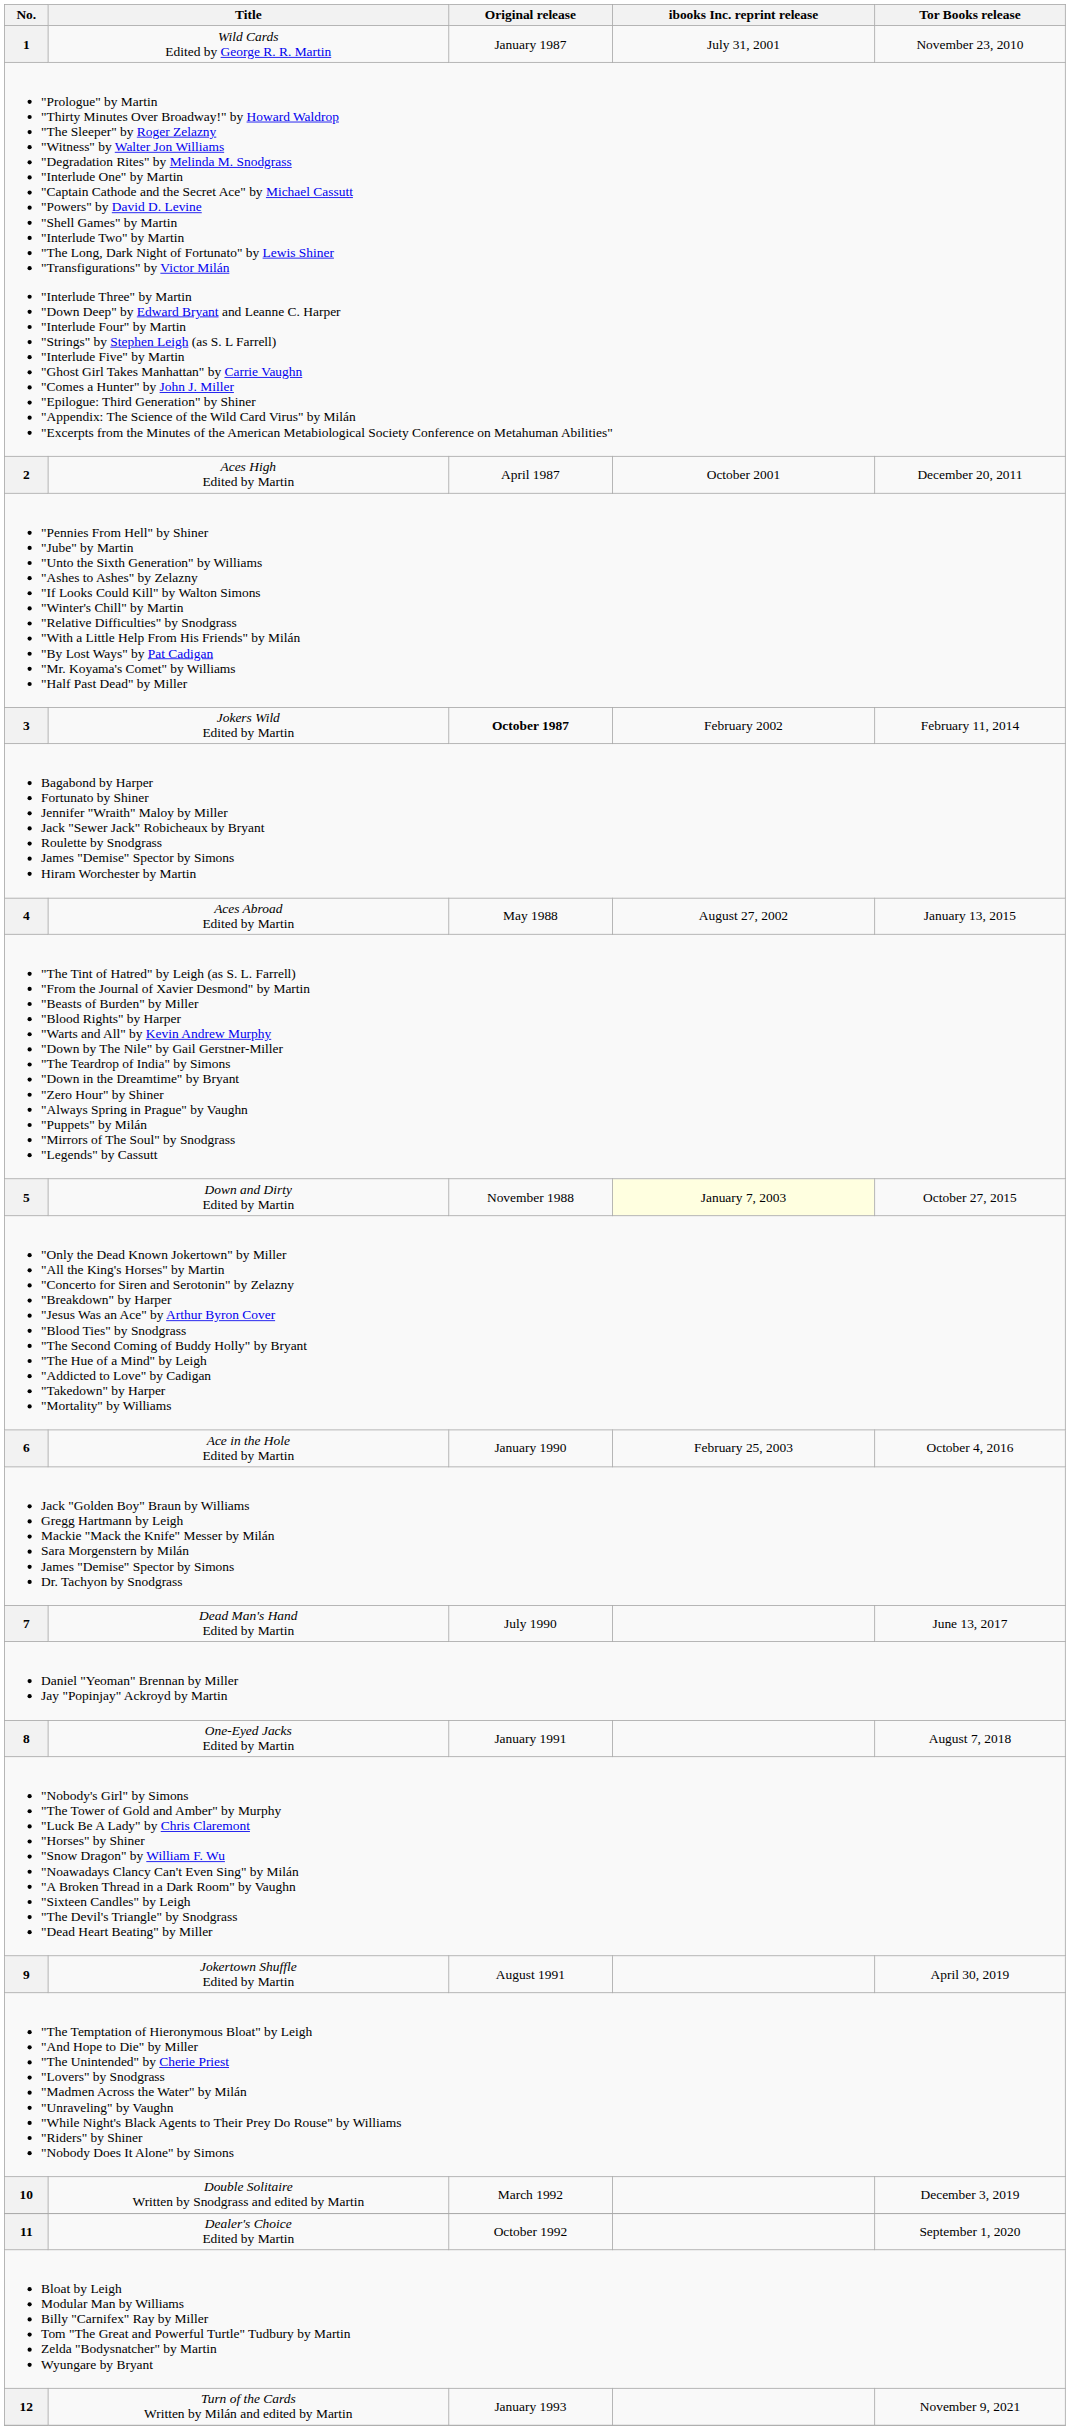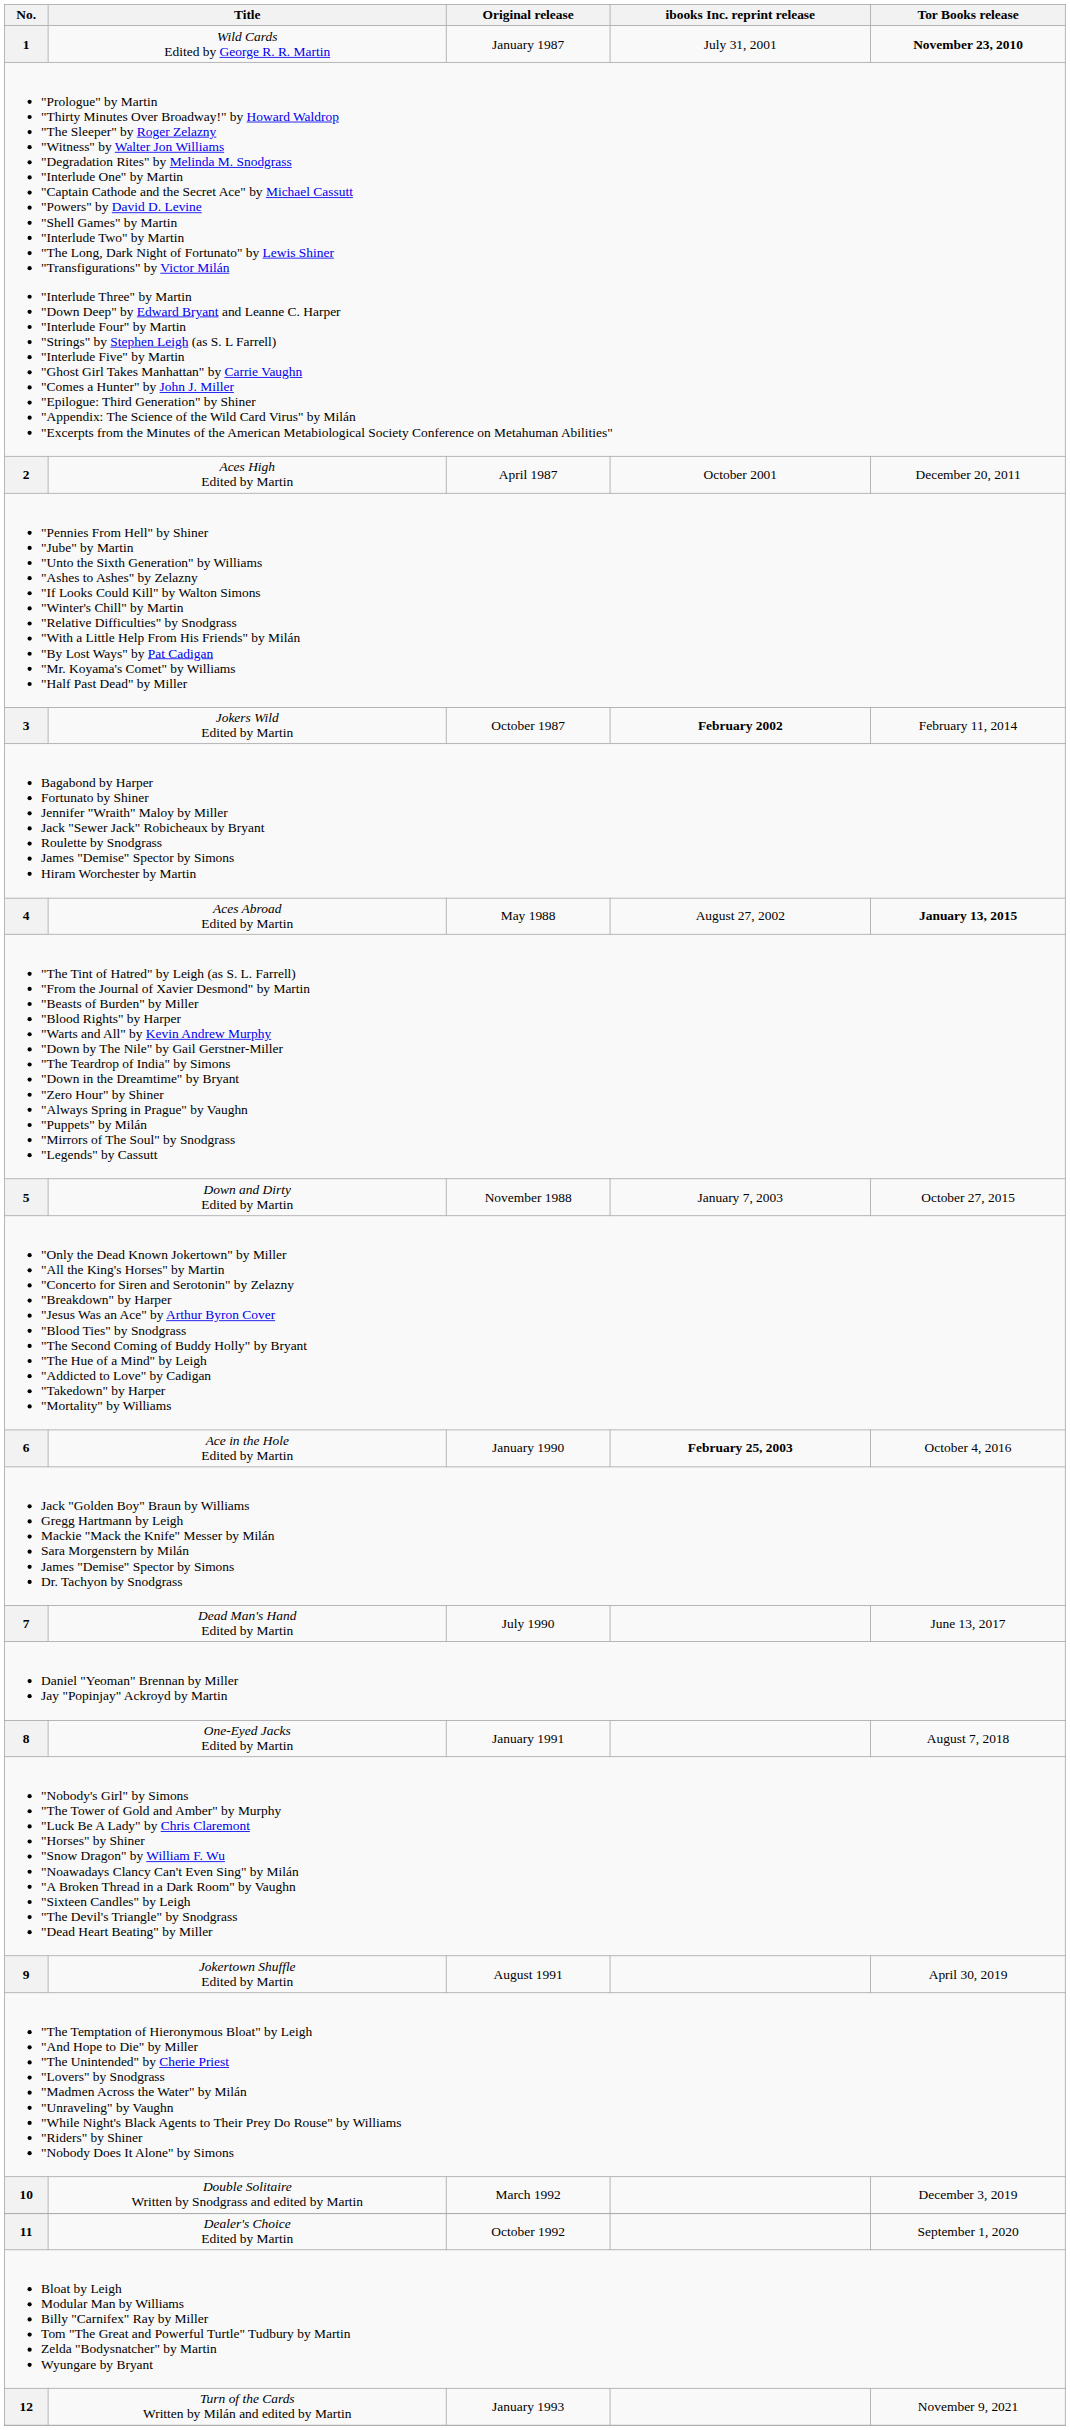 <table class="wikitable" style="text-align:center; width:100%;">
 <tr>
 <th>No.</th>
 <th>Title</th>
 <th>Original release</th>
 <th>ibooks Inc. reprint release</th>
 <th>Tor Books release</th>
 </tr>
 <tr>
 <th>1</th>
 <td><em>Wild Cards</em><br>Edited by <a href='#'>George R. R. Martin</a></td>
 <td>January 1987<br></td>
 <td>July 31, 2001<br></td>
-<td>November 23, 2010<br></td>
+<td><strong>November 23, 2010<br></strong></td>
 </tr>
 <tr>
 <td colspan="5" style="text-align:left;"><br> <ul><li>"Prologue" by Martin</li><li>"Thirty Minutes Over Broadway!" by <a href='#'>Howard Waldrop</a></li><li>"The Sleeper" by <a href='#'>Roger Zelazny</a></li><li>"Witness" by <a href='#'>Walter Jon Williams</a></li><li>"Degradation Rites" by <a href='#'>Melinda M. Snodgrass</a></li><li>"Interlude One" by Martin</li><li>"Captain Cathode and the Secret Ace" by <a href='#'>Michael Cassutt</a></li><li>"Powers" by <a href='#'>David D. Levine</a></li><li>"Shell Games" by Martin</li><li>"Interlude Two" by Martin</li><li>"The Long, Dark Night of Fortunato" by <a href='#'>Lewis Shiner</a></li><li>"Transfigurations" by <a href='#'>Victor Milán</a></li></ul> <ul><li>"Interlude Three" by Martin</li><li>"Down Deep" by <a href='#'>Edward Bryant</a> and Leanne C. Harper</li><li>"Interlude Four" by Martin</li><li>"Strings" by <a href='#'>Stephen Leigh</a> (as S. L Farrell)</li><li>"Interlude Five" by Martin</li><li>"Ghost Girl Takes Manhattan" by <a href='#'>Carrie Vaughn</a></li><li>"Comes a Hunter" by <a href='#'>John J. Miller</a></li><li>"Epilogue: Third Generation" by Shiner</li><li>"Appendix: The Science of the Wild Card Virus" by Milán</li><li>"Excerpts from the Minutes of the American Metabiological Society Conference on Metahuman Abilities"</li></ul></td>
 </tr>
 <tr>
 <th>2</th>
 <td><em>Aces High</em><br>Edited by Martin</td>
 <td>April 1987<br></td>
 <td>October 2001<br></td>
 <td>December 20, 2011<br></td>
 </tr>
 <tr>
 <td colspan="5" style="text-align:left;"><br><ul><li>"Pennies From Hell" by Shiner</li><li>"Jube" by Martin</li><li>"Unto the Sixth Generation" by Williams</li><li>"Ashes to Ashes" by Zelazny</li><li>"If Looks Could Kill" by Walton Simons</li><li>"Winter's Chill" by Martin</li><li>"Relative Difficulties" by Snodgrass</li><li>"With a Little Help From His Friends" by Milán</li><li>"By Lost Ways" by <a href='#'>Pat Cadigan</a></li><li>"Mr. Koyama's Comet" by Williams</li><li>"Half Past Dead" by Miller</li></ul></td>
 </tr>
 <tr>
 <th>3</th>
 <td><em>Jokers Wild</em><br>Edited by Martin</td>
-<td><strong>October 1987<br></strong></td>
-<td>February 2002<br></td>
+<td>October 1987<br></td>
+<td><strong>February 2002<br></strong></td>
 <td>February 11, 2014<br></td>
 </tr>
 <tr>
 <td colspan="5" style="text-align:left;"><br><ul><li>Bagabond by Harper</li><li>Fortunato by Shiner</li><li>Jennifer "Wraith" Maloy by Miller</li><li>Jack "Sewer Jack" Robicheaux by Bryant</li><li>Roulette by Snodgrass</li><li>James "Demise" Spector by Simons</li><li>Hiram Worchester by Martin</li></ul></td>
 </tr>
 <tr>
 <th>4</th>
 <td><em>Aces Abroad</em><br>Edited by Martin</td>
 <td>May 1988<br></td>
 <td>August 27, 2002<br></td>
-<td>January 13, 2015<br></td>
+<td><strong>January 13, 2015<br></strong></td>
 </tr>
 <tr>
 <td colspan="5" style="text-align:left;"><br><ul><li>"The Tint of Hatred" by Leigh (as S. L. Farrell)</li><li>"From the Journal of Xavier Desmond" by Martin</li><li>"Beasts of Burden" by Miller</li><li>"Blood Rights" by Harper</li><li>"Warts and All" by <a href='#'>Kevin Andrew Murphy</a></li><li>"Down by The Nile" by Gail Gerstner-Miller</li><li>"The Teardrop of India" by Simons</li><li>"Down in the Dreamtime" by Bryant</li><li>"Zero Hour" by Shiner</li><li>"Always Spring in Prague" by Vaughn</li><li>"Puppets" by Milán</li><li>"Mirrors of The Soul" by Snodgrass</li><li>"Legends" by Cassutt</li></ul></td>
 </tr>
 <tr>
 <th>5</th>
 <td><em>Down and Dirty</em><br>Edited by Martin</td>
 <td>November 1988<br></td>
-<td style="background: lightyellow;">January 7, 2003</td>
+<td>January 7, 2003</td>
 <td>October 27, 2015<br></td>
 </tr>
 <tr>
 <td colspan="5" style="text-align:left;"><br><ul><li>"Only the Dead Known Jokertown" by Miller</li><li>"All the King's Horses" by Martin</li><li>"Concerto for Siren and Serotonin" by Zelazny</li><li>"Breakdown" by Harper</li><li>"Jesus Was an Ace" by <a href='#'>Arthur Byron Cover</a></li><li>"Blood Ties" by Snodgrass</li><li>"The Second Coming of Buddy Holly" by Bryant</li><li>"The Hue of a Mind" by Leigh</li><li>"Addicted to Love" by Cadigan</li><li>"Takedown" by Harper</li><li>"Mortality" by Williams</li></ul></td>
 </tr>
 <tr>
 <th>6</th>
 <td><em>Ace in the Hole</em><br>Edited by Martin</td>
 <td>January 1990<br></td>
-<td>February 25, 2003<br></td>
+<td><strong>February 25, 2003<br></strong></td>
 <td>October 4, 2016<br></td>
 </tr>
 <tr>
 <td colspan="5" style="text-align:left;"><br><ul><li>Jack "Golden Boy" Braun by Williams</li><li>Gregg Hartmann by Leigh</li><li>Mackie "Mack the Knife" Messer by Milán</li><li>Sara Morgenstern by Milán</li><li>James "Demise" Spector by Simons</li><li>Dr. Tachyon by Snodgrass</li></ul></td>
 </tr>
 <tr>
 <th>7</th>
 <td><em>Dead Man's Hand</em><br>Edited by Martin</td>
 <td>July 1990<br></td>
 <td></td>
 <td>June 13, 2017</td>
 </tr>
 <tr>
 <td colspan="5" style="text-align:left;"><br><ul><li>Daniel "Yeoman" Brennan by Miller</li><li>Jay "Popinjay" Ackroyd by Martin</li></ul></td>
 </tr>
 <tr>
 <th>8</th>
 <td><em>One-Eyed Jacks</em><br>Edited by Martin</td>
 <td>January 1991<br></td>
 <td></td>
 <td>August 7, 2018</td>
 </tr>
 <tr>
 <td colspan="5" style="text-align:left;"><br><ul><li>"Nobody's Girl" by Simons</li><li>"The Tower of Gold and Amber" by Murphy</li><li>"Luck Be A Lady" by <a href='#'>Chris Claremont</a></li><li>"Horses" by Shiner</li><li>"Snow Dragon" by <a href='#'>William F. Wu</a></li><li>"Noawadays Clancy Can't Even Sing" by Milán</li><li>"A Broken Thread in a Dark Room" by Vaughn</li><li>"Sixteen Candles" by Leigh</li><li>"The Devil's Triangle" by Snodgrass</li><li>"Dead Heart Beating" by Miller</li></ul></td>
 </tr>
 <tr>
 <th>9</th>
 <td><em>Jokertown Shuffle</em><br>Edited by Martin</td>
 <td>August 1991<br></td>
 <td></td>
 <td>April 30, 2019</td>
 </tr>
 <tr>
 <td colspan="5" style="text-align:left;"><br><ul><li>"The Temptation of Hieronymous Bloat" by Leigh</li><li>"And Hope to Die" by Miller</li><li>"The Unintended" by <a href='#'>Cherie Priest</a></li><li>"Lovers" by Snodgrass</li><li>"Madmen Across the Water" by Milán</li><li>"Unraveling" by Vaughn</li><li>"While Night's Black Agents to Their Prey Do Rouse" by Williams</li><li>"Riders" by Shiner</li><li>"Nobody Does It Alone" by Simons</li></ul></td>
 </tr>
 <tr>
 <th>10</th>
 <td><em>Double Solitaire</em><br>Written by Snodgrass and edited by Martin</td>
 <td>March 1992<br></td>
 <td></td>
 <td>December 3, 2019</td>
 </tr>
 <tr>
 </tr>
 <tr>
 <th>11</th>
 <td><em>Dealer's Choice</em><br>Edited by Martin</td>
 <td>October 1992<br></td>
 <td></td>
 <td>September 1, 2020</td>
 </tr>
 <tr>
 <td colspan="5" style="text-align:left;"><br><ul><li>Bloat by Leigh</li><li>Modular Man by Williams</li><li>Billy "Carnifex" Ray by Miller</li><li>Tom "The Great and Powerful Turtle" Tudbury by Martin</li><li>Zelda "Bodysnatcher" by Martin</li><li>Wyungare by Bryant</li></ul></td>
 </tr>
 <tr>
 <th>12</th>
 <td><em>Turn of the Cards</em><br>Written by Milán and edited by Martin</td>
 <td>January 1993<br></td>
 <td></td>
 <td>November 9, 2021</td>
 </tr>
 <tr>
 </tr>
 </table>
